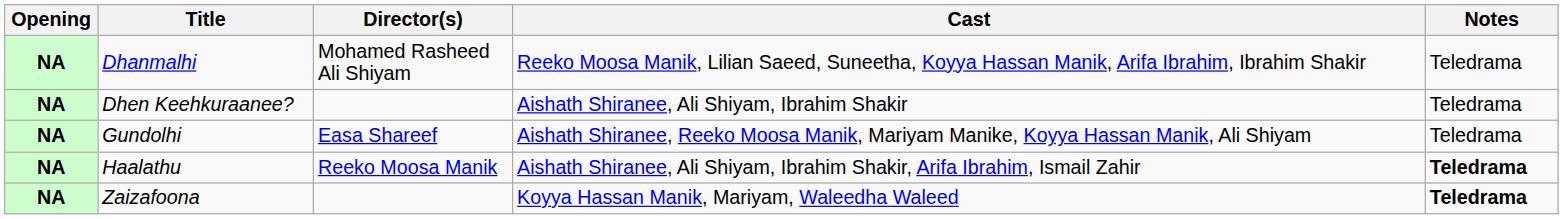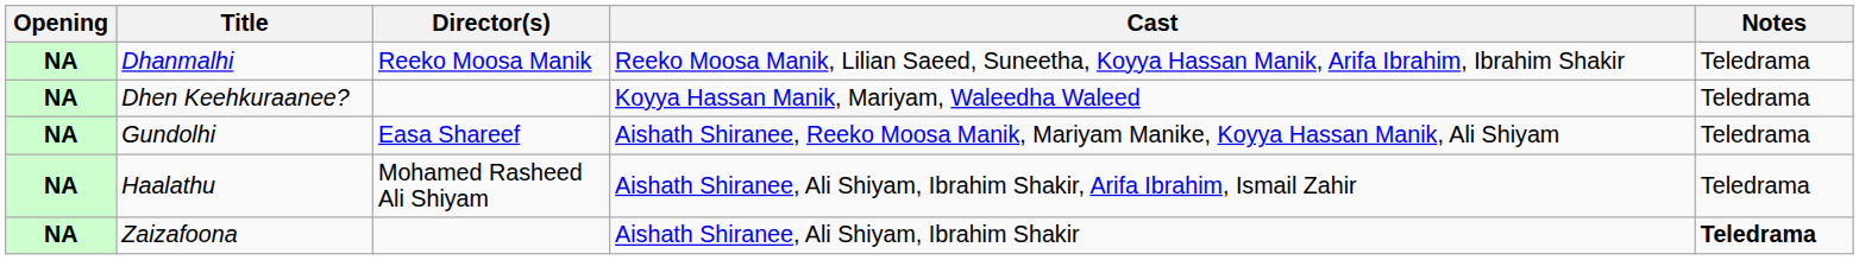 <table class="wikitable plainrowheaders" width="100%">
 <tr>
 <th scope="col" colspan="2" width=4%>Opening</th>
 <th scope="col" width=13%>Title</th>
 <th scope="col" width=12%>Director(s)</th>
 <th scope="col" width=55%>Cast</th>
 <th scope="col" width=8%>Notes</th>
 </tr>
 <tr>
 <td colspan="2" style="text-align:center; textcolor:#000; background:#cdfecd;"><strong>NA</strong></td>
 <td><em><a href='#'>Dhanmalhi</a></em></td>
-<td>Mohamed Rasheed<br>Ali Shiyam</td>
+<td><a href='#'>Reeko Moosa Manik</a></td>
 <td><a href='#'>Reeko Moosa Manik</a>, Lilian Saeed, Suneetha, <a href='#'>Koyya Hassan Manik</a>, <a href='#'>Arifa Ibrahim</a>, Ibrahim Shakir</td>
 <td>Teledrama</td>
 </tr>
 <tr>
 <td colspan="2" style="text-align:center; textcolor:#000; background:#cdfecd;"><strong>NA</strong></td>
 <td><em>Dhen Keehkuraanee?</em></td>
 <td></td>
-<td><a href='#'>Aishath Shiranee</a>, Ali Shiyam, Ibrahim Shakir</td>
+<td><a href='#'>Koyya Hassan Manik</a>, Mariyam, <a href='#'>Waleedha Waleed</a></td>
 <td>Teledrama</td>
 </tr>
 <tr>
 <td colspan="2" style="text-align:center; textcolor:#000; background:#cdfecd;"><strong>NA</strong></td>
 <td><em>Gundolhi</em></td>
 <td><a href='#'>Easa Shareef</a></td>
 <td><a href='#'>Aishath Shiranee</a>, <a href='#'>Reeko Moosa Manik</a>, Mariyam Manike, <a href='#'>Koyya Hassan Manik</a>, Ali Shiyam</td>
 <td>Teledrama</td>
 </tr>
 <tr>
 <td colspan="2" style="text-align:center; textcolor:#000; background:#cdfecd;"><strong>NA</strong></td>
 <td><em>Haalathu</em></td>
-<td><a href='#'>Reeko Moosa Manik</a></td>
+<td>Mohamed Rasheed<br>Ali Shiyam</td>
 <td><a href='#'>Aishath Shiranee</a>, Ali Shiyam, Ibrahim Shakir, <a href='#'>Arifa Ibrahim</a>, Ismail Zahir</td>
-<td><strong>Teledrama</strong></td>
+<td>Teledrama</td>
 </tr>
 <tr>
 <td colspan="2" style="text-align:center; textcolor:#000; background:#cdfecd;"><strong>NA</strong></td>
 <td><em>Zaizafoona</em></td>
 <td></td>
-<td><a href='#'>Koyya Hassan Manik</a>, Mariyam, <a href='#'>Waleedha Waleed</a></td>
+<td><a href='#'>Aishath Shiranee</a>, Ali Shiyam, Ibrahim Shakir</td>
 <td><strong>Teledrama</strong></td>
 </tr>
 </table>
